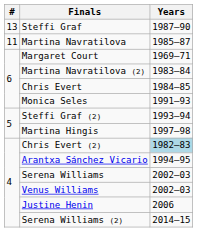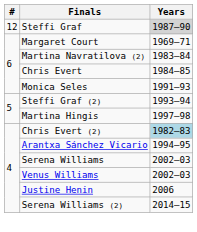 <table class=wikitable style="display:inline-table;">
 <tr>
 <th>#</th>
 <th>Finals</th>
 <th>Years</th>
 </tr>
 <tr>
-<td>13</td>
+<td>12</td>
 <td> Steffi Graf</td>
-<td>1987–90</td>
-</tr>
-<tr>
-<td>11</td>
-<td> Martina Navratilova</td>
-<td>1985–87</td>
+<td style="background: lightgrey;">1987–90</td>
 </tr>
 <tr>
 <td rowspan=4>6</td>
 <td> Margaret Court</td>
 <td>1969–71</td>
 </tr>
 <tr>
 <td> Martina Navratilova <small>(2)</small></td>
 <td>1983–84</td>
 </tr>
 <tr>
 <td> Chris Evert</td>
 <td>1984–85</td>
 </tr>
 <tr>
 <td> Monica Seles</td>
 <td>1991–93</td>
 </tr>
 <tr>
 <td rowspan=2>5</td>
 <td> Steffi Graf <small>(2)</small></td>
 <td>1993–94</td>
 </tr>
 <tr>
 <td> Martina Hingis</td>
 <td>1997–98</td>
 </tr>
 <tr>
 <td rowspan=6>4</td>
 <td> Chris Evert <small>(2)</small></td>
 <td style="background: lightblue;">1982–83</td>
 </tr>
 <tr>
 <td> <a href='#'>Arantxa Sánchez Vicario</a></td>
 <td>1994–95</td>
 </tr>
 <tr>
 <td> Serena Williams</td>
 <td>2002–03</td>
 </tr>
 <tr .>
 <td> <a href='#'>Venus Williams</a></td>
 <td>2002–03</td>
 </tr>
 <tr>
 <td> <a href='#'>Justine Henin</a></td>
 <td>2006</td>
 </tr>
 <tr>
 <td> Serena Williams <small>(2)</small></td>
 <td>2014–15</td>
 </tr>
 </table>
